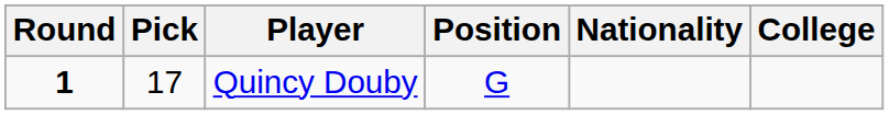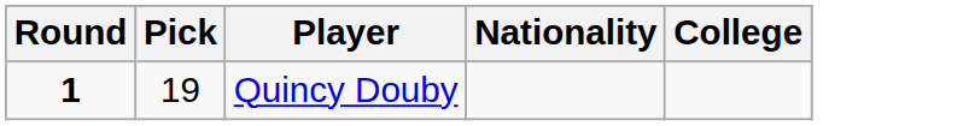 <table class="wikitable sortable sortable">
 <tr>
 <th>Round</th>
 <th>Pick</th>
 <th>Player</th>
-<th>Position</th>
 <th>Nationality</th>
 <th>College</th>
 </tr>
 <tr style="text-align: center">
 <td><strong>1</strong></td>
-<td>17</td>
+<td>19</td>
 <td><a href='#'>Quincy Douby</a></td>
-<td><a href='#'>G</a></td>
 <td></td>
 <td></td>
 </tr>
 </table>
